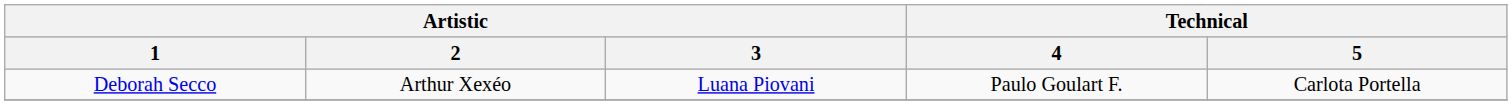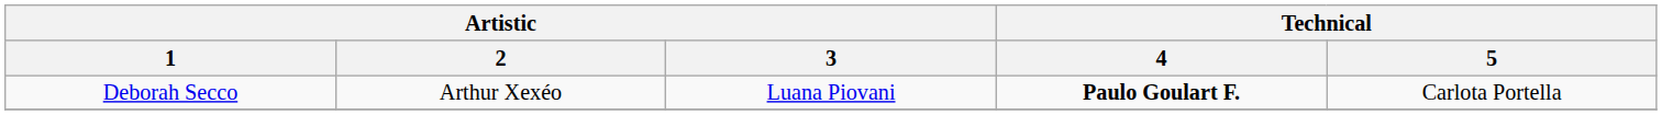 <table class="wikitable" style="font-size:90%; line-height:16px; text-align:center" width="85%">
 <tr>
 <th colspan=3>Artistic</th>
 <th colspan=2>Technical</th>
 </tr>
 <tr>
 <th>1</th>
 <th>2</th>
 <th>3</th>
 <th>4</th>
 <th>5</th>
 </tr>
 <tr>
 <td width=150><a href='#'>Deborah Secco</a></td>
 <td width=150>Arthur Xexéo</td>
 <td width=150><a href='#'>Luana Piovani</a></td>
-<td width=150>Paulo Goulart F.</td>
+<td width=150><strong>Paulo Goulart F.</strong></td>
 <td width=150>Carlota Portella</td>
 </tr>
 <tr>
 </tr>
 </table>
